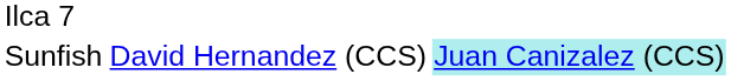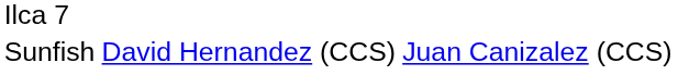 <table>
 <tr>
 <td>Ilca 7</td>
 <td></td>
 <td></td>
 <td></td>
 </tr>
 <tr>
 <td>Sunfish</td>
 <td><a href='#'>David Hernandez</a> (CCS)</td>
-<td style="background: paleturquoise;"><a href='#'>Juan Canizalez</a> (CCS)</td>
+<td><a href='#'>Juan Canizalez</a> (CCS)</td>
 <td></td>
 </tr>
 </table>
